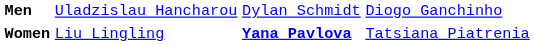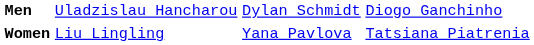 <table>
 <tr>
 <th scope=row style="text-align:left">Men <br> </th>
 <td> <a href='#'>Uladzislau Hancharou</a></td>
 <td> <a href='#'>Dylan Schmidt</a></td>
 <td> <a href='#'>Diogo Ganchinho</a></td>
 </tr>
 <tr>
 <th scope=row style="text-align:left">Women <br> </th>
 <td> <a href='#'>Liu Lingling</a></td>
-<td><strong> <a href='#'>Yana Pavlova</a></strong></td>
+<td> <a href='#'>Yana Pavlova</a></td>
 <td> <a href='#'>Tatsiana Piatrenia</a></td>
 </tr>
 </table>
